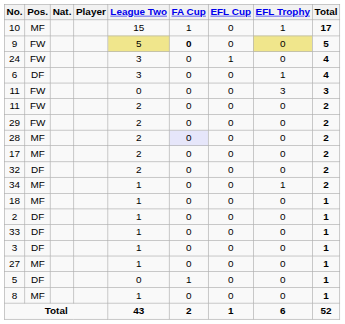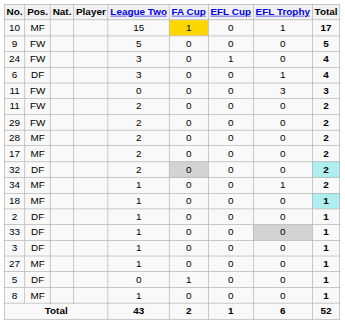 <table class="wikitable sortable" style="text-align:center">
 <tr>
 <th>No.</th>
 <th>Pos.</th>
 <th>Nat.</th>
 <th>Player</th>
 <th><a href='#'>League Two</a></th>
 <th><a href='#'>FA Cup</a></th>
 <th><a href='#'>EFL Cup</a></th>
 <th><a href='#'>EFL Trophy</a></th>
 <th>Total</th>
 </tr>
 <tr>
 <td>10</td>
 <td>MF</td>
 <td></td>
 <td align=left></td>
 <td>15</td>
-<td>1</td>
+<td style="background: gold;">1</td>
 <td>0</td>
 <td>1</td>
 <td><strong>17</strong></td>
 </tr>
 <tr>
 <td>9</td>
 <td>FW</td>
 <td></td>
 <td align=left></td>
-<td style="background: khaki;">5</td>
-<td><strong>0</strong></td>
+<td>5</td>
 <td>0</td>
-<td style="background: khaki;">0</td>
+<td>0</td>
+<td>0</td>
 <td><strong>5</strong></td>
 </tr>
 <tr>
 <td>24</td>
 <td>FW</td>
 <td></td>
 <td align=left></td>
 <td>3</td>
 <td>0</td>
 <td>1</td>
 <td>0</td>
 <td><strong>4</strong></td>
 </tr>
 <tr>
 <td>6</td>
 <td>DF</td>
 <td></td>
 <td align=left></td>
 <td>3</td>
 <td>0</td>
 <td>0</td>
 <td>1</td>
 <td><strong>4</strong></td>
 </tr>
 <tr>
 <td>11</td>
 <td>FW</td>
 <td></td>
 <td align=left></td>
 <td>0</td>
 <td>0</td>
 <td>0</td>
 <td>3</td>
 <td><strong>3</strong></td>
 </tr>
 <tr>
 <td>11</td>
 <td>FW</td>
 <td></td>
 <td align=left></td>
 <td>2</td>
 <td>0</td>
 <td>0</td>
 <td>0</td>
 <td><strong>2</strong></td>
 </tr>
 <tr>
 <td>29</td>
 <td>FW</td>
 <td></td>
 <td align=left></td>
 <td>2</td>
 <td>0</td>
 <td>0</td>
 <td>0</td>
 <td><strong>2</strong></td>
 </tr>
 <tr>
 <td>28</td>
 <td>MF</td>
 <td></td>
 <td align=left></td>
 <td>2</td>
-<td style="background: lavender;">0</td>
+<td>0</td>
 <td>0</td>
 <td>0</td>
 <td><strong>2</strong></td>
 </tr>
 <tr>
 <td>17</td>
 <td>MF</td>
 <td></td>
 <td align=left></td>
 <td>2</td>
 <td>0</td>
 <td>0</td>
 <td>0</td>
 <td><strong>2</strong></td>
 </tr>
 <tr>
 <td>32</td>
 <td>DF</td>
 <td></td>
 <td align=left></td>
 <td>2</td>
+<td style="background: lightgrey;">0</td>
 <td>0</td>
 <td>0</td>
-<td>0</td>
-<td><strong>2</strong></td>
+<td style="background: paleturquoise;"><strong>2</strong></td>
 </tr>
 <tr>
 <td>34</td>
 <td>MF</td>
 <td></td>
 <td align=left></td>
 <td>1</td>
 <td>0</td>
 <td>0</td>
 <td>1</td>
 <td><strong>2</strong></td>
 </tr>
 <tr>
 <td>18</td>
 <td>MF</td>
 <td></td>
 <td align=left></td>
 <td>1</td>
 <td>0</td>
 <td>0</td>
 <td>0</td>
-<td><strong>1</strong></td>
+<td style="background: paleturquoise;"><strong>1</strong></td>
 </tr>
 <tr>
 <td>2</td>
 <td>DF</td>
 <td></td>
 <td align=left></td>
 <td>1</td>
 <td>0</td>
 <td>0</td>
 <td>0</td>
 <td><strong>1</strong></td>
 </tr>
 <tr>
 <td>33</td>
 <td>DF</td>
 <td></td>
 <td align=left></td>
 <td>1</td>
 <td>0</td>
 <td>0</td>
-<td>0</td>
+<td style="background: lightgrey;">0</td>
 <td><strong>1</strong></td>
 </tr>
 <tr>
 <td>3</td>
 <td>DF</td>
 <td></td>
 <td align=left></td>
 <td>1</td>
 <td>0</td>
 <td>0</td>
 <td>0</td>
 <td><strong>1</strong></td>
 </tr>
 <tr>
 <td>27</td>
 <td>MF</td>
 <td></td>
 <td align=left></td>
 <td>1</td>
 <td>0</td>
 <td>0</td>
 <td>0</td>
 <td><strong>1</strong></td>
 </tr>
 <tr>
 <td>5</td>
 <td>DF</td>
 <td></td>
 <td align=left></td>
 <td>0</td>
 <td>1</td>
 <td>0</td>
 <td>0</td>
 <td><strong>1</strong></td>
 </tr>
 <tr>
 <td>8</td>
 <td>MF</td>
 <td></td>
 <td align=left></td>
 <td>1</td>
 <td>0</td>
 <td>0</td>
 <td>0</td>
 <td><strong>1</strong></td>
 </tr>
 <tr class="sortbottom">
 <td colspan=4><strong>Total</strong></td>
 <td colspan=1><strong>43</strong></td>
 <td colspan=1><strong>2</strong></td>
 <td colspan=1><strong>1</strong></td>
 <td colspan=1><strong>6</strong></td>
 <td colspan=1><strong>52</strong></td>
 </tr>
 </table>
